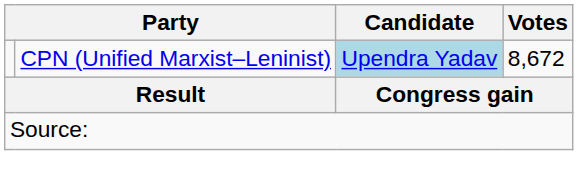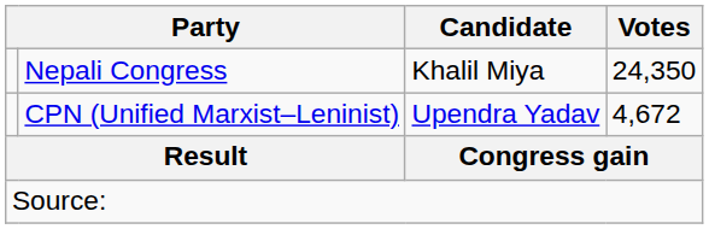 <table class="wikitable">
 <tr>
 <th colspan="2">Party</th>
 <th>Candidate</th>
 <th>Votes</th>
 </tr>
 <tr>
 <td style="background-color:"></td>
+<td><a href='#'>Nepali Congress</a></td>
+<td>Khalil Miya</td>
+<td>24,350</td>
+</tr>
+<tr>
+<td style="background-color:"></td>
 <td><a href='#'>CPN (Unified Marxist–Leninist)</a></td>
-<td style="background: lightblue;"><a href='#'>Upendra Yadav</a></td>
-<td>8,672</td>
+<td><a href='#'>Upendra Yadav</a></td>
+<td>4,672</td>
 </tr>
 <tr>
 <th colspan="2">Result</th>
 <th colspan="2">Congress gain</th>
 </tr>
 <tr>
 <td colspan="4">Source: </td>
 </tr>
 </table>
